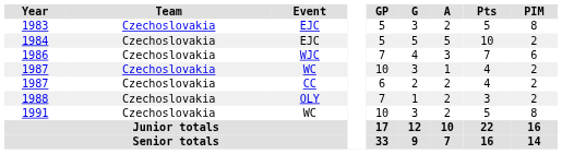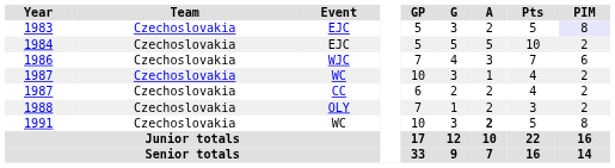 <table border="0" cellpadding="1" cellspacing="0" style="text-align:center; width:50em">
 <tr ALIGN="center" bgcolor="#e0e0e0">
 <th>Year</th>
 <th>Team</th>
 <th>Event</th>
 <th rowspan="99" bgcolor="#ffffff"> </th>
 <th>GP</th>
 <th>G</th>
 <th>A</th>
 <th>Pts</th>
 <th>PIM</th>
 </tr>
 <tr>
 <td><a href='#'>1983</a></td>
 <td><a href='#'>Czechoslovakia</a></td>
 <td><a href='#'>EJC</a></td>
 <td>5</td>
 <td>3</td>
 <td>2</td>
 <td>5</td>
-<td>8</td>
+<td style="background: lavender;">8</td>
 </tr>
 <tr bgcolor="#f0f0f0">
 <td><a href='#'>1984</a></td>
 <td>Czechoslovakia</td>
 <td>EJC</td>
 <td>5</td>
 <td>5</td>
 <td>5</td>
 <td>10</td>
 <td>2</td>
 </tr>
 <tr>
 <td><a href='#'>1986</a></td>
 <td>Czechoslovakia</td>
 <td><a href='#'>WJC</a></td>
 <td>7</td>
 <td>4</td>
 <td>3</td>
 <td>7</td>
 <td>6</td>
 </tr>
 <tr bgcolor="#f0f0f0">
 <td><a href='#'>1987</a></td>
 <td><a href='#'>Czechoslovakia</a></td>
 <td><a href='#'>WC</a></td>
 <td>10</td>
 <td>3</td>
 <td>1</td>
 <td>4</td>
 <td>2</td>
 </tr>
 <tr>
 <td><a href='#'>1987</a></td>
 <td>Czechoslovakia</td>
 <td><a href='#'>CC</a></td>
 <td>6</td>
 <td>2</td>
 <td>2</td>
 <td>4</td>
 <td>2</td>
 </tr>
 <tr bgcolor="#f0f0f0">
 <td><a href='#'>1988</a></td>
 <td>Czechoslovakia</td>
 <td><a href='#'>OLY</a></td>
 <td>7</td>
 <td>1</td>
 <td>2</td>
 <td>3</td>
 <td>2</td>
 </tr>
 <tr>
 <td><a href='#'>1991</a></td>
 <td>Czechoslovakia</td>
 <td>WC</td>
 <td>10</td>
 <td>3</td>
-<td>2</td>
+<td><strong>2</strong></td>
 <td>5</td>
 <td>8</td>
 </tr>
 <tr bgcolor="#e0e0e0">
 <th colspan=3>Junior totals</th>
 <th>17</th>
 <th>12</th>
 <th>10</th>
 <th>22</th>
 <th>16</th>
 </tr>
 <tr bgcolor="#e0e0e0">
 <th colspan=3>Senior totals</th>
 <th>33</th>
 <th>9</th>
 <th>7</th>
 <th>16</th>
 <th>14</th>
 </tr>
 </table>
